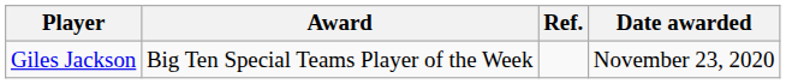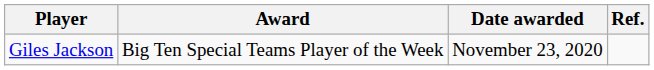 <table class="wikitable sortable sortable" style="text-align: center">
 <tr align=center>
 <th>Player</th>
 <th>Award</th>
+<th>Date awarded</th>
 <th>Ref.</th>
-<th>Date awarded</th>
 </tr>
 <tr>
 <td><a href='#'>Giles Jackson</a></td>
 <td>Big Ten Special Teams Player of the Week</td>
+<td>November 23, 2020</td>
 <td></td>
-<td>November 23, 2020</td>
 </tr>
 </table>
